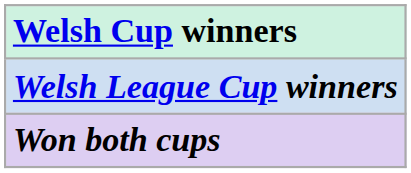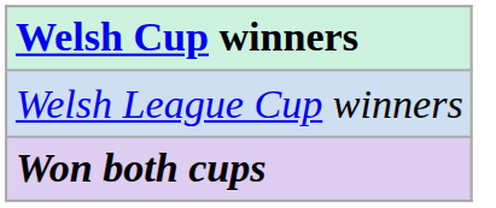 <table class="wikitable" align="left">
 <tr>
 <td bgcolor="#CEF2E0"><strong><a href='#'>Welsh Cup</a> winners</strong></td>
 </tr>
 <tr>
-<td bgcolor="#CEDFF2"><strong><em><a href='#'>Welsh League Cup</a> winners</em></strong></td>
+<td bgcolor="#CEDFF2"><em><a href='#'>Welsh League Cup</a> winners</em></td>
 </tr>
 <tr>
 <td bgcolor="DDCEF2"><strong><em>Won both cups</em></strong></td>
 </tr>
 </table>
